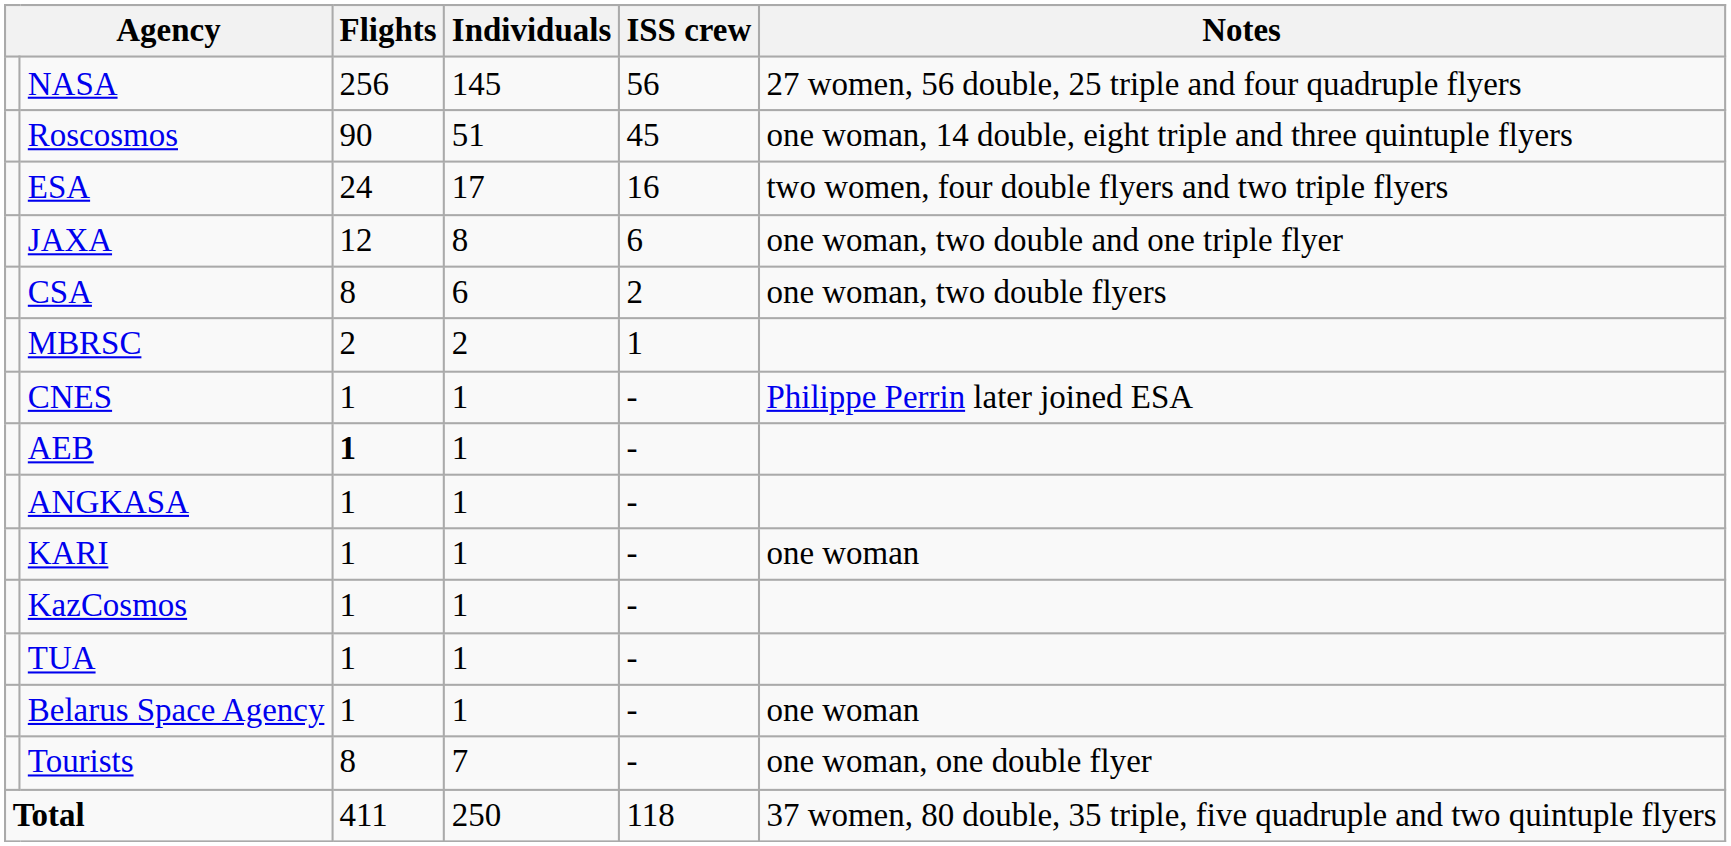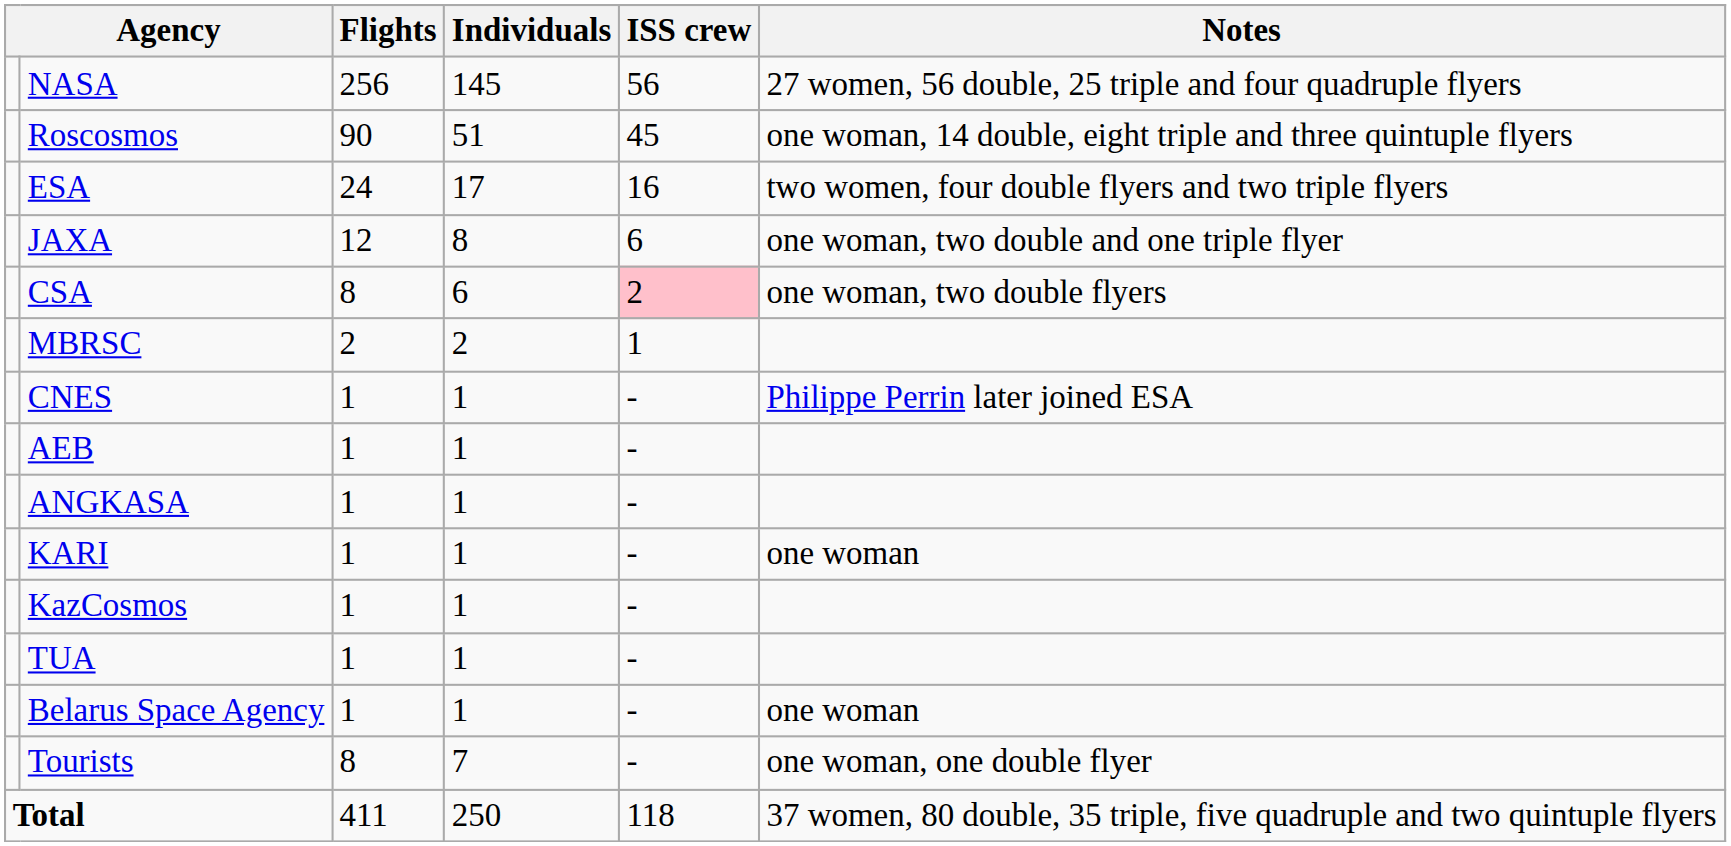 <table class="wikitable">
 <tr>
 <th colspan=2>Agency</th>
 <th>Flights</th>
 <th>Individuals</th>
 <th>ISS crew</th>
 <th>Notes</th>
 </tr>
 <tr>
 <td></td>
 <td><a href='#'>NASA</a></td>
 <td>256</td>
 <td>145</td>
 <td>56</td>
 <td>27 women, 56 double, 25 triple and four quadruple flyers</td>
 </tr>
 <tr>
 <td></td>
 <td><a href='#'>Roscosmos</a></td>
 <td>90</td>
 <td>51</td>
 <td>45</td>
 <td>one woman, 14 double, eight triple and three quintuple flyers</td>
 </tr>
 <tr>
 <td></td>
 <td><a href='#'>ESA</a></td>
 <td>24</td>
 <td>17</td>
 <td>16</td>
 <td>two women, four double flyers and two triple flyers</td>
 </tr>
 <tr>
 <td></td>
 <td><a href='#'>JAXA</a></td>
 <td>12</td>
 <td>8</td>
 <td>6</td>
 <td>one woman, two double and one triple flyer</td>
 </tr>
 <tr>
 <td></td>
 <td><a href='#'>CSA</a></td>
 <td>8</td>
 <td>6</td>
-<td>2</td>
+<td style="background: pink;">2</td>
 <td>one woman, two double flyers</td>
 </tr>
 <tr>
 <td></td>
 <td><a href='#'>MBRSC</a></td>
 <td>2</td>
 <td>2</td>
 <td>1</td>
 <td></td>
 </tr>
 <tr>
 <td></td>
 <td><a href='#'>CNES</a></td>
 <td>1</td>
 <td>1</td>
 <td>-</td>
 <td><a href='#'>Philippe Perrin</a> later joined ESA</td>
 </tr>
 <tr>
 <td></td>
 <td><a href='#'>AEB</a></td>
-<td><strong>1</strong></td>
+<td>1</td>
 <td>1</td>
 <td>-</td>
 <td></td>
 </tr>
 <tr>
 <td></td>
 <td><a href='#'>ANGKASA</a></td>
 <td>1</td>
 <td>1</td>
 <td>-</td>
 <td></td>
 </tr>
 <tr>
 <td></td>
 <td><a href='#'>KARI</a></td>
 <td>1</td>
 <td>1</td>
 <td>-</td>
 <td>one woman</td>
 </tr>
 <tr>
 <td></td>
 <td><a href='#'>KazCosmos</a></td>
 <td>1</td>
 <td>1</td>
 <td>-</td>
 <td></td>
 </tr>
 <tr>
 <td></td>
 <td><a href='#'>TUA</a></td>
 <td>1</td>
 <td>1</td>
 <td>-</td>
 <td></td>
 </tr>
 <tr>
 <td></td>
 <td><a href='#'>Belarus Space Agency</a></td>
 <td>1</td>
 <td>1</td>
 <td>-</td>
 <td>one woman</td>
 </tr>
 <tr>
 <td></td>
 <td><a href='#'>Tourists</a></td>
 <td>8</td>
 <td>7</td>
 <td>-</td>
 <td>one woman, one double flyer</td>
 </tr>
 <tr>
 <td colspan=2><strong>Total</strong></td>
 <td>411</td>
 <td>250</td>
 <td>118</td>
 <td>37 women, 80 double, 35 triple, five quadruple and two quintuple flyers</td>
 </tr>
 </table>
